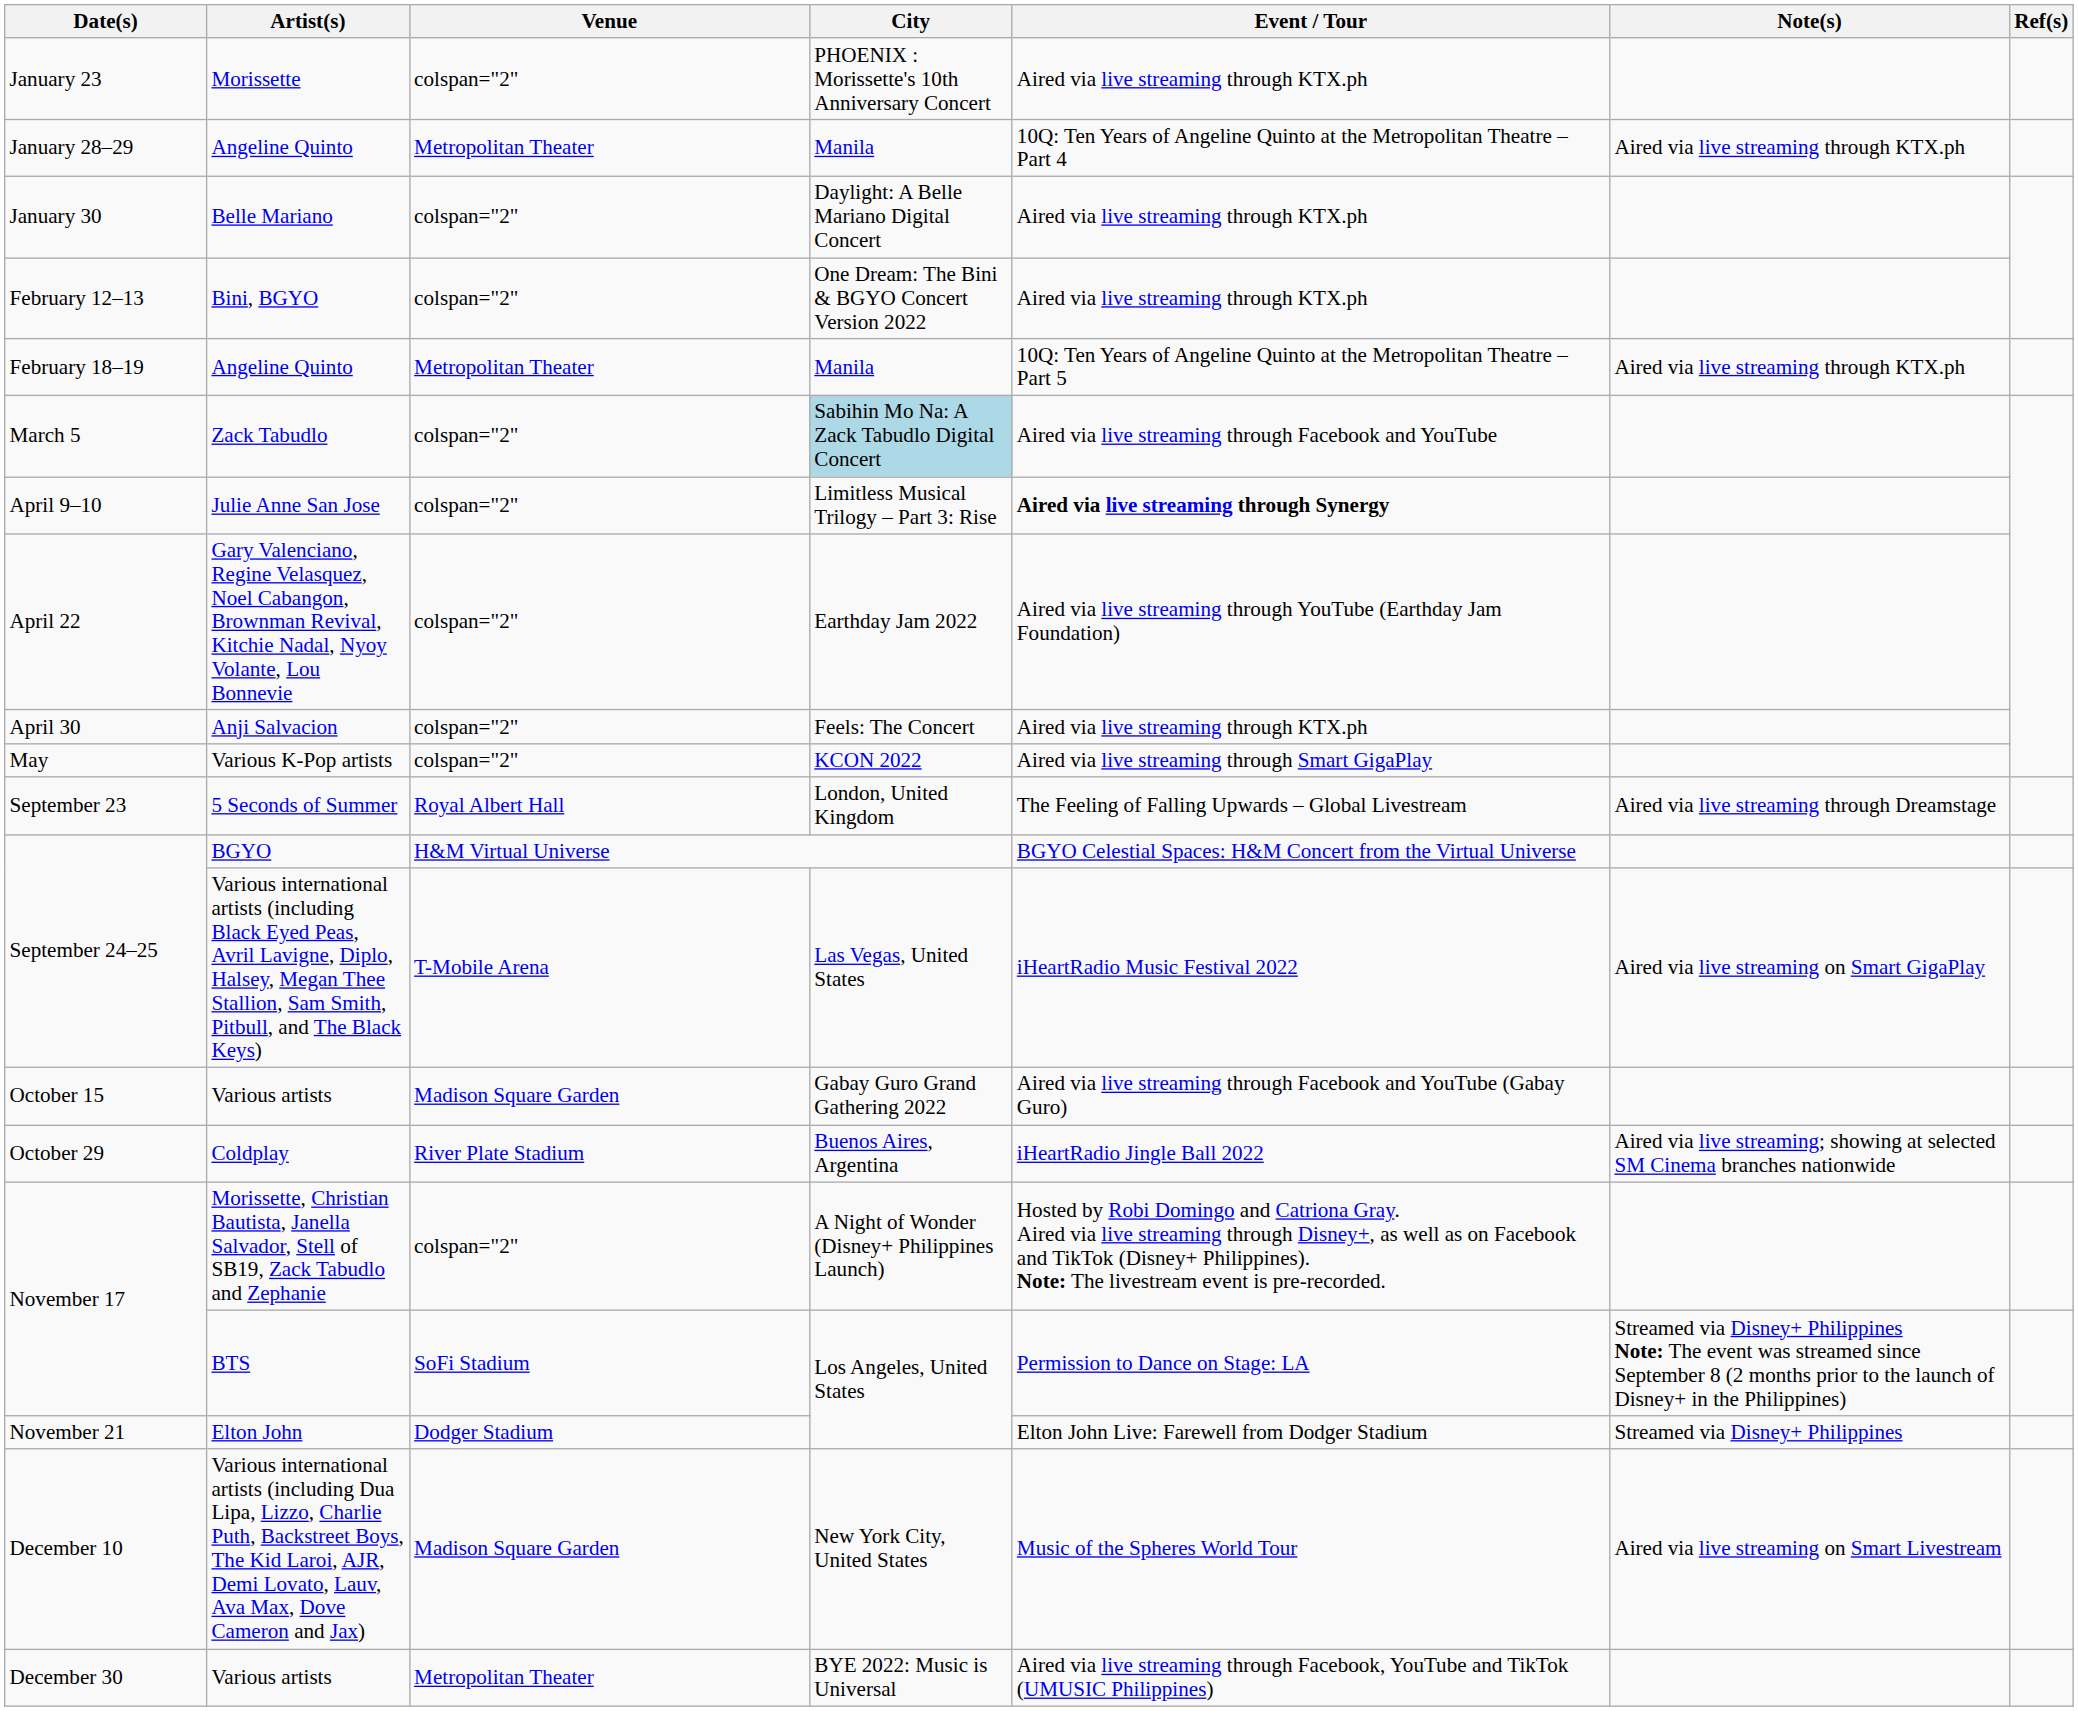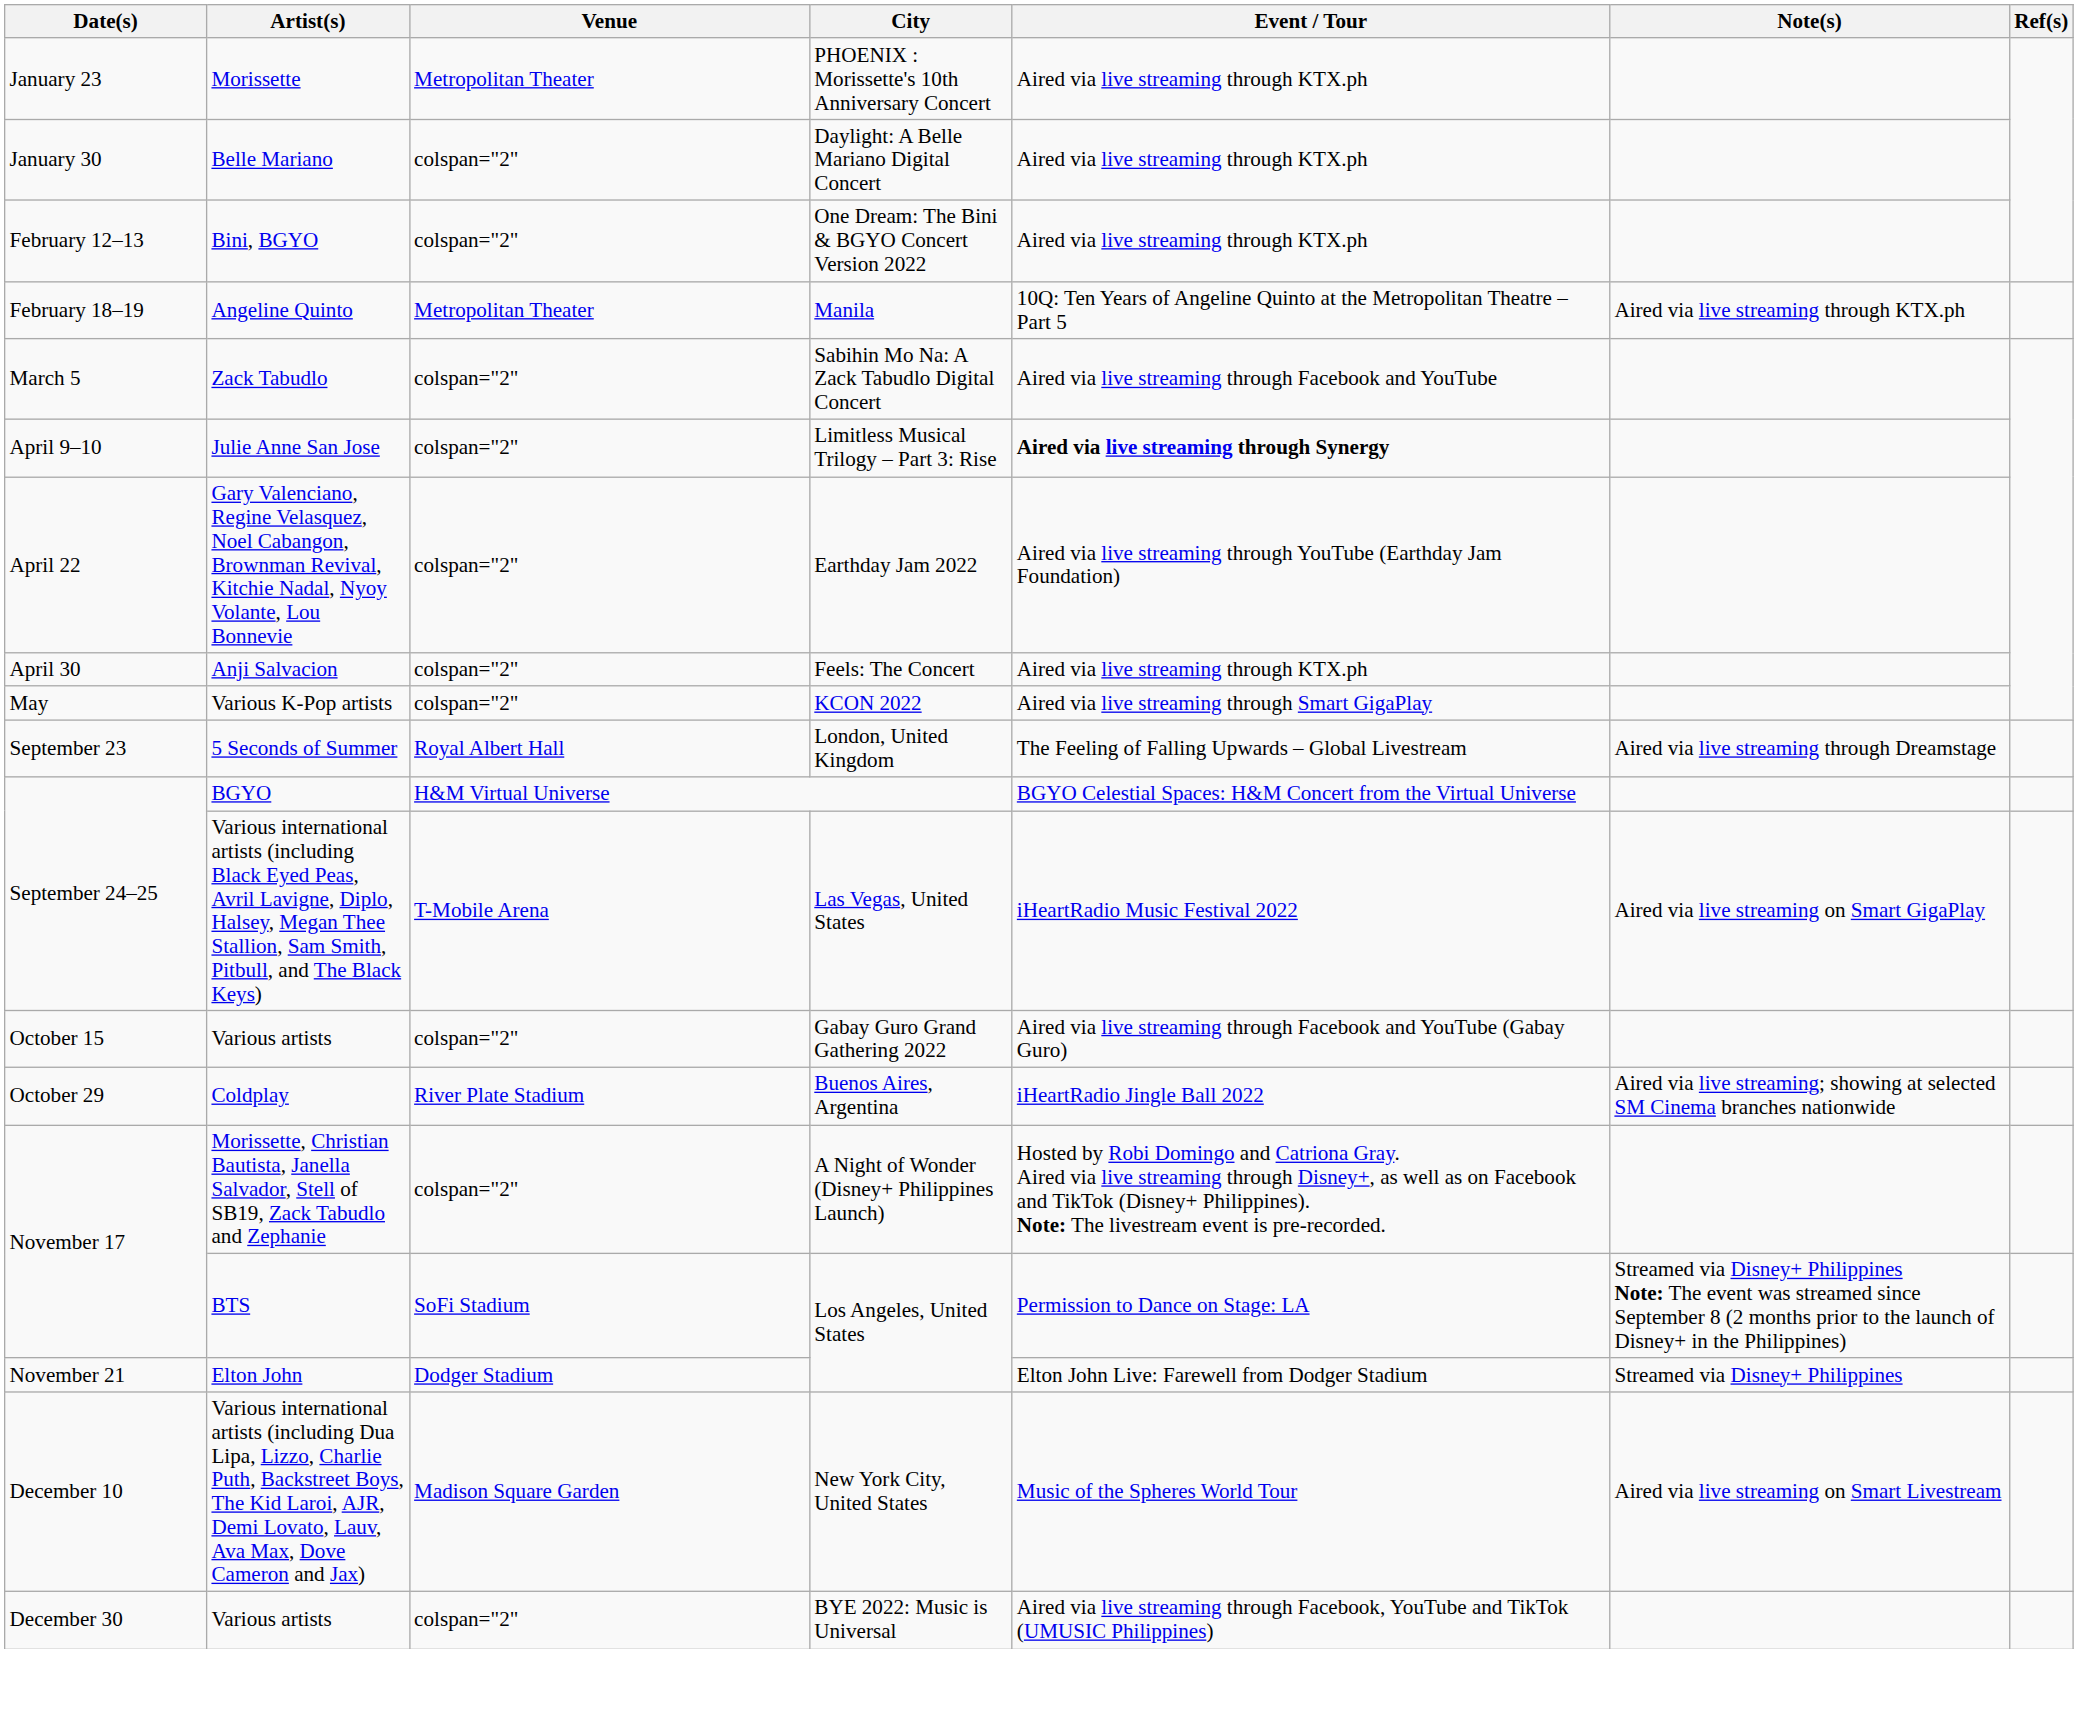 <table class="wikitable sortable" style="font-size: 100%; width=100%;" style="text-align:center;">
 <tr>
 <th class="unsortable" style="width: 10%;" scope="col">Date(s)</th>
 <th style="width: 10%;" scope="col">Artist(s)</th>
 <th style="width: 20%;" scope="col">Venue</th>
 <th style="width: 10%;" scope="col">City</th>
 <th style="width: 30%;" scope="col">Event / Tour</th>
 <th style="width: 30%;" scope="col">Note(s)</th>
 <th style="width: 1%;" scope="col">Ref(s)</th>
 </tr>
 <tr>
 <td>January 23</td>
 <td><a href='#'>Morissette</a></td>
-<td>colspan="2" </td>
+<td><a href='#'>Metropolitan Theater</a></td>
 <td>PHOENIX : Morissette's 10th Anniversary Concert</td>
-<td>Aired via <a href='#'>live streaming</a> through KTX.ph</td>
-<td></td>
-</tr>
-<tr>
-<td>January 28–29</td>
-<td><a href='#'>Angeline Quinto</a> </td>
-<td><a href='#'>Metropolitan Theater</a></td>
-<td><a href='#'>Manila</a></td>
-<td>10Q: Ten Years of Angeline Quinto at the Metropolitan Theatre – Part 4</td>
 <td>Aired via <a href='#'>live streaming</a> through KTX.ph</td>
 <td></td>
 </tr>
 <tr>
 <td>January 30</td>
 <td><a href='#'>Belle Mariano</a></td>
 <td>colspan="2" </td>
 <td>Daylight: A Belle Mariano Digital Concert</td>
 <td>Aired via <a href='#'>live streaming</a> through KTX.ph</td>
 <td></td>
 </tr>
 <tr>
 <td>February 12–13</td>
 <td><a href='#'>Bini</a>, <a href='#'>BGYO</a></td>
 <td>colspan="2" </td>
 <td>One Dream: The Bini & BGYO Concert Version 2022</td>
 <td>Aired via <a href='#'>live streaming</a> through KTX.ph</td>
 <td></td>
 </tr>
 <tr>
 <td>February 18–19</td>
 <td><a href='#'>Angeline Quinto</a> </td>
 <td><a href='#'>Metropolitan Theater</a></td>
 <td><a href='#'>Manila</a></td>
 <td>10Q: Ten Years of Angeline Quinto at the Metropolitan Theatre – Part 5</td>
 <td>Aired via <a href='#'>live streaming</a> through KTX.ph</td>
 <td></td>
 </tr>
 <tr>
 <td>March 5</td>
 <td><a href='#'>Zack Tabudlo</a></td>
 <td>colspan="2" </td>
-<td style="background: lightblue;">Sabihin Mo Na: A Zack Tabudlo Digital Concert</td>
+<td>Sabihin Mo Na: A Zack Tabudlo Digital Concert</td>
 <td>Aired via <a href='#'>live streaming</a> through Facebook and YouTube</td>
 <td></td>
 </tr>
 <tr>
 <td>April 9–10</td>
 <td><a href='#'>Julie Anne San Jose</a></td>
 <td>colspan="2" </td>
 <td>Limitless Musical Trilogy – Part 3: Rise</td>
 <td><strong>Aired via <a href='#'>live streaming</a> through Synergy</strong></td>
 <td></td>
 </tr>
 <tr>
 <td>April 22</td>
 <td><a href='#'>Gary Valenciano</a>, <a href='#'>Regine Velasquez</a>, <a href='#'>Noel Cabangon</a>, <a href='#'>Brownman Revival</a>, <a href='#'>Kitchie Nadal</a>, <a href='#'>Nyoy Volante</a>, <a href='#'>Lou Bonnevie</a></td>
 <td>colspan="2" </td>
 <td>Earthday Jam 2022</td>
 <td>Aired via <a href='#'>live streaming</a> through YouTube (Earthday Jam Foundation)</td>
 <td></td>
 </tr>
 <tr>
 <td>April 30</td>
 <td><a href='#'>Anji Salvacion</a></td>
 <td>colspan="2" </td>
 <td>Feels: The Concert</td>
 <td>Aired via <a href='#'>live streaming</a> through KTX.ph</td>
 <td></td>
 </tr>
 <tr>
 <td>May</td>
 <td>Various K-Pop artists</td>
 <td>colspan="2" </td>
 <td><a href='#'>KCON 2022</a></td>
 <td>Aired via <a href='#'>live streaming</a> through <a href='#'>Smart GigaPlay</a></td>
 <td></td>
 </tr>
 <tr>
 <td>September 23</td>
 <td><a href='#'>5 Seconds of Summer</a></td>
 <td><a href='#'>Royal Albert Hall</a></td>
 <td>London, United Kingdom</td>
 <td>The Feeling of Falling Upwards – Global Livestream</td>
 <td>Aired via <a href='#'>live streaming</a> through Dreamstage</td>
 <td></td>
 </tr>
 <tr>
 <td rowspan="2">September 24–25</td>
 <td><a href='#'>BGYO</a></td>
 <td colspan="2"><a href='#'>H&M Virtual Universe</a></td>
 <td><a href='#'>BGYO Celestial Spaces: H&M Concert from the Virtual Universe</a></td>
 <td></td>
 <td></td>
 </tr>
 <tr>
 <td>Various international artists (including <a href='#'>Black Eyed Peas</a>, <a href='#'>Avril Lavigne</a>, <a href='#'>Diplo</a>, <a href='#'>Halsey</a>, <a href='#'>Megan Thee Stallion</a>, <a href='#'>Sam Smith</a>, <a href='#'>Pitbull</a>, and <a href='#'>The Black Keys</a>)</td>
 <td><a href='#'>T-Mobile Arena</a></td>
 <td><a href='#'>Las Vegas</a>, United States</td>
 <td><a href='#'>iHeartRadio Music Festival 2022</a></td>
 <td>Aired via <a href='#'>live streaming</a> on <a href='#'>Smart GigaPlay</a></td>
 <td></td>
 </tr>
 <tr>
 <td>October 15</td>
 <td>Various artists</td>
-<td><a href='#'>Madison Square Garden</a></td>
+<td>colspan="2" </td>
 <td>Gabay Guro Grand Gathering 2022</td>
 <td>Aired via <a href='#'>live streaming</a> through Facebook and YouTube (Gabay Guro)</td>
 <td></td>
 </tr>
 <tr>
 <td>October 29</td>
 <td><a href='#'>Coldplay</a></td>
 <td><a href='#'>River Plate Stadium</a></td>
 <td><a href='#'>Buenos Aires</a>, Argentina</td>
 <td><a href='#'>iHeartRadio Jingle Ball 2022</a></td>
 <td>Aired via <a href='#'>live streaming</a>; showing at selected <a href='#'>SM Cinema</a> branches nationwide</td>
 <td></td>
 </tr>
 <tr>
 <td rowspan="2">November 17</td>
 <td><a href='#'>Morissette</a>, <a href='#'>Christian Bautista</a>, <a href='#'>Janella Salvador</a>, <a href='#'>Stell</a> of SB19, <a href='#'>Zack Tabudlo</a> and <a href='#'>Zephanie</a></td>
 <td>colspan="2" </td>
 <td>A Night of Wonder (Disney+ Philippines Launch)</td>
 <td>Hosted by <a href='#'>Robi Domingo</a> and <a href='#'>Catriona Gray</a>.<br>Aired via <a href='#'>live streaming</a> through <a href='#'>Disney+</a>, as well as on Facebook and TikTok (Disney+ Philippines).<br><strong>Note:</strong> The livestream event is pre-recorded.</td>
 <td></td>
 </tr>
 <tr>
 <td><a href='#'>BTS</a></td>
 <td><a href='#'>SoFi Stadium</a></td>
 <td rowspan="2">Los Angeles, United States</td>
 <td><a href='#'>Permission to Dance on Stage: LA</a></td>
 <td>Streamed via <a href='#'>Disney+ Philippines</a><br><strong>Note:</strong> The event was streamed since September 8 (2 months prior to the launch of Disney+ in the Philippines)</td>
 <td></td>
 </tr>
 <tr>
 <td>November 21</td>
 <td><a href='#'>Elton John</a> </td>
 <td><a href='#'>Dodger Stadium</a></td>
 <td>Elton John Live: Farewell from Dodger Stadium</td>
 <td>Streamed via <a href='#'>Disney+ Philippines</a></td>
 <td></td>
 </tr>
 <tr>
 <td>December 10</td>
 <td>Various international artists (including Dua Lipa, <a href='#'>Lizzo</a>, <a href='#'>Charlie Puth</a>, <a href='#'>Backstreet Boys</a>, <a href='#'>The Kid Laroi</a>, <a href='#'>AJR</a>, <a href='#'>Demi Lovato</a>, <a href='#'>Lauv</a>, <a href='#'>Ava Max</a>, <a href='#'>Dove Cameron</a> and <a href='#'>Jax</a>)</td>
 <td><a href='#'>Madison Square Garden</a></td>
 <td>New York City, United States</td>
 <td><a href='#'>Music of the Spheres World Tour</a></td>
 <td>Aired via <a href='#'>live streaming</a> on <a href='#'>Smart Livestream</a></td>
 <td></td>
 </tr>
 <tr>
 <td>December 30</td>
 <td>Various artists</td>
-<td><a href='#'>Metropolitan Theater</a></td>
+<td>colspan="2" </td>
 <td>BYE 2022: Music is Universal</td>
 <td>Aired via <a href='#'>live streaming</a> through Facebook, YouTube and TikTok (<a href='#'>UMUSIC Philippines</a>)</td>
 <td></td>
 </tr>
 </table>
